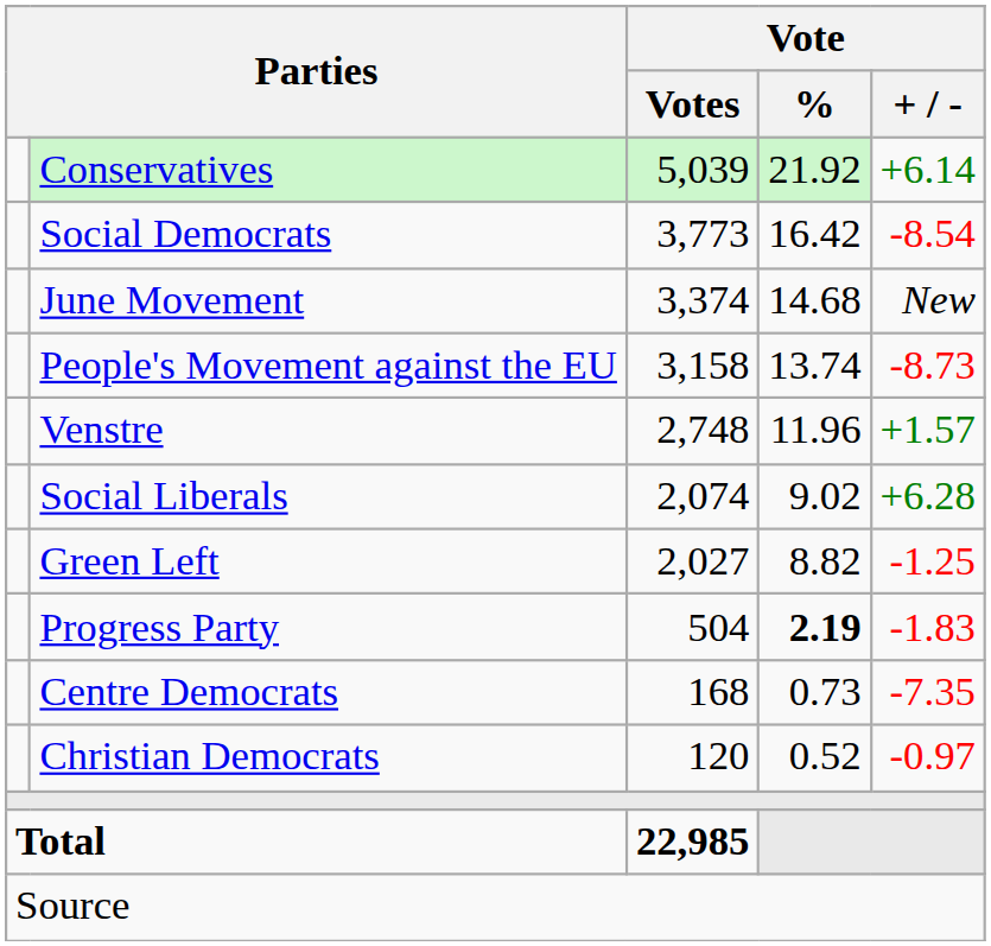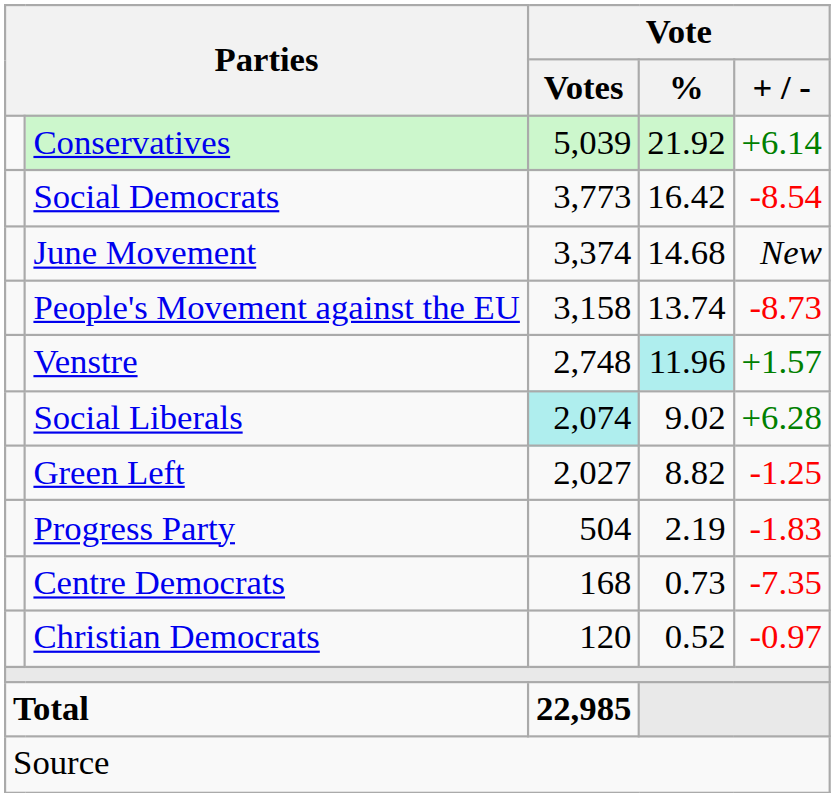 <table class="wikitable" style="text-align:right;">
 <tr>
 <th style="text-align:centre;" rowspan="2" colspan="2" width="225">Parties</th>
 <th colspan="3">Vote</th>
 </tr>
 <tr>
 <th width="15">Votes</th>
 <th width="15">%</th>
 <th width="15">+ / -</th>
 </tr>
 <tr>
 <td width="2" style="color:inherit;background:"></td>
 <td bgcolor=#ccf7cc   align="left"><a href='#'>Conservatives</a></td>
 <td bgcolor=#ccf7cc>5,039</td>
 <td bgcolor=#ccf7cc>21.92</td>
 <td style=color:green;>+6.14</td>
 </tr>
 <tr>
 <td width="2" style="color:inherit;background:"></td>
 <td align="left"><a href='#'>Social Democrats</a></td>
 <td>3,773</td>
 <td>16.42</td>
 <td style=color:red;>-8.54</td>
 </tr>
 <tr>
 <td width="2" style="color:inherit;background:"></td>
 <td align="left"><a href='#'>June Movement</a></td>
 <td>3,374</td>
 <td>14.68</td>
 <td><em>New</em></td>
 </tr>
 <tr>
 <td width="2" style="color:inherit;background:"></td>
 <td align="left"><a href='#'>People's Movement against the EU</a></td>
 <td>3,158</td>
 <td>13.74</td>
 <td style=color:red;>-8.73</td>
 </tr>
 <tr>
 <td width="2" style="color:inherit;background:"></td>
 <td align="left"><a href='#'>Venstre</a></td>
 <td>2,748</td>
-<td>11.96</td>
+<td style="background: paleturquoise;">11.96</td>
 <td style=color:green;>+1.57</td>
 </tr>
 <tr>
 <td width="2" style="color:inherit;background:"></td>
 <td align="left"><a href='#'>Social Liberals</a></td>
-<td>2,074</td>
+<td style="background: paleturquoise;">2,074</td>
 <td>9.02</td>
 <td style=color:green;>+6.28</td>
 </tr>
 <tr>
 <td width="2" style="color:inherit;background:"></td>
 <td align="left"><a href='#'>Green Left</a></td>
 <td>2,027</td>
 <td>8.82</td>
 <td style=color:red;>-1.25</td>
 </tr>
 <tr>
 <td width="2" style="color:inherit;background:"></td>
 <td align="left"><a href='#'>Progress Party</a></td>
 <td>504</td>
-<td><strong>2.19</strong></td>
+<td>2.19</td>
 <td style=color:red;>-1.83</td>
 </tr>
 <tr>
 <td width="2" style="color:inherit;background:"></td>
 <td align="left"><a href='#'>Centre Democrats</a></td>
 <td>168</td>
 <td>0.73</td>
 <td style=color:red;>-7.35</td>
 </tr>
 <tr>
 <td width="2" style="color:inherit;background:"></td>
 <td align="left"><a href='#'>Christian Democrats</a></td>
 <td>120</td>
 <td>0.52</td>
 <td style=color:red;>-0.97</td>
 </tr>
 <tr>
 <td colspan="7" bgcolor="#E9E9E9"></td>
 </tr>
 <tr>
 <td align="left" colspan="2"><strong>Total</strong></td>
 <td><strong>22,985</strong></td>
 <td bgcolor="#E9E9E9" colspan="2"></td>
 </tr>
 <tr>
 <td align="left" colspan="6">Source</td>
 </tr>
 </table>
